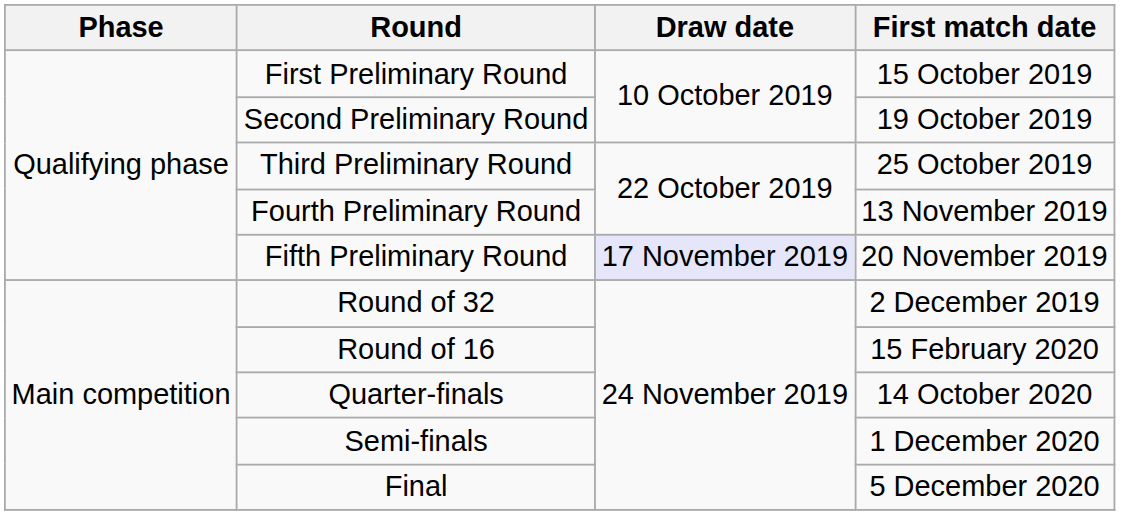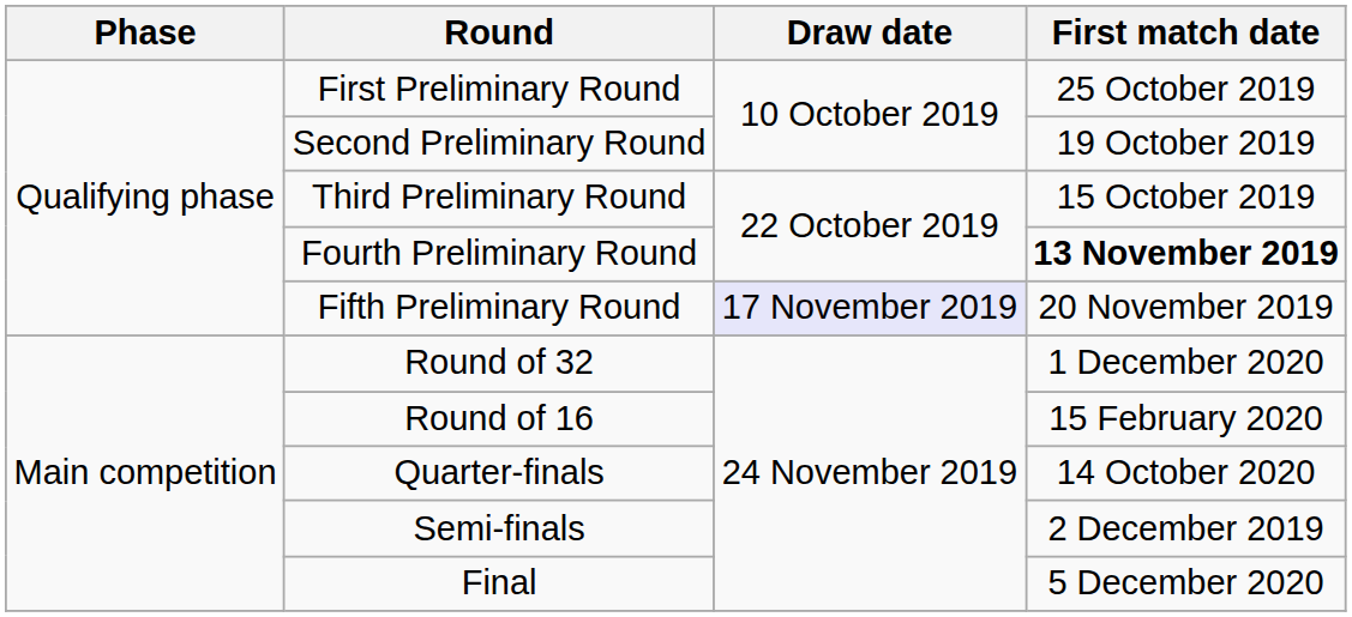 <table class="wikitable" style="text-align:center">
 <tr>
 <th>Phase</th>
 <th>Round</th>
 <th>Draw date</th>
 <th>First match date</th>
 </tr>
 <tr>
 <td rowspan=5>Qualifying phase</td>
 <td>First Preliminary Round</td>
 <td rowspan=2>10 October 2019</td>
-<td>15 October 2019</td>
+<td>25 October 2019</td>
 </tr>
 <tr>
 <td>Second Preliminary Round</td>
 <td>19 October 2019</td>
 </tr>
 <tr>
 <td>Third Preliminary Round</td>
 <td rowspan=2>22 October 2019</td>
-<td>25 October 2019</td>
+<td>15 October 2019</td>
 </tr>
 <tr>
 <td>Fourth Preliminary Round</td>
-<td>13 November 2019</td>
+<td><strong>13 November 2019</strong></td>
 </tr>
 <tr>
 <td>Fifth Preliminary Round</td>
 <td style="background: lavender;">17 November 2019</td>
 <td>20 November 2019</td>
 </tr>
 <tr>
 <td rowspan=5>Main competition</td>
 <td>Round of 32</td>
 <td rowspan=5>24 November 2019</td>
-<td>2 December 2019</td>
+<td>1 December 2020</td>
 </tr>
 <tr>
 <td>Round of 16</td>
 <td>15 February 2020</td>
 </tr>
 <tr>
 <td>Quarter-finals</td>
 <td>14 October 2020</td>
 </tr>
 <tr>
 <td>Semi-finals</td>
-<td>1 December 2020</td>
+<td>2 December 2019</td>
 </tr>
 <tr>
 <td>Final</td>
 <td>5 December 2020</td>
 </tr>
 </table>
